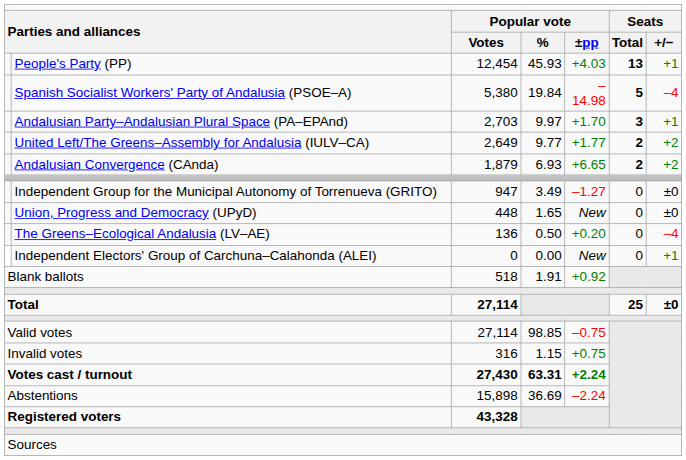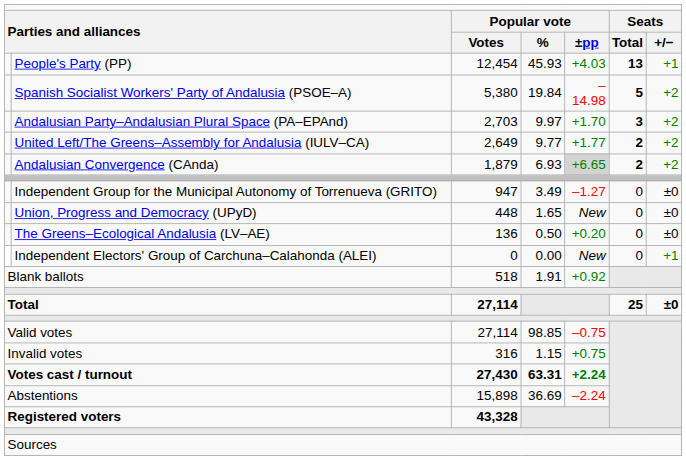 <table class="wikitable" style="text-align:right;">
 <tr>
 <td colspan="7"></td>
 </tr>
 <tr>
 <th style="text-align:left;" rowspan="2" colspan="2" width="525">Parties and alliances</th>
 <th colspan="3">Popular vote</th>
 <th colspan="2">Seats</th>
 </tr>
 <tr>
 <th width="75">Votes</th>
 <th width="45">%</th>
 <th width="45">±<a href='#'>pp</a></th>
 <th width="35">Total</th>
 <th width="35">+/−</th>
 </tr>
 <tr>
 <td width="1" style="color:inherit;background:"></td>
 <td align="left"><a href='#'>People's Party</a> (PP)</td>
 <td>12,454</td>
 <td>45.93</td>
 <td style="color:green;">+4.03</td>
 <td><strong>13</strong></td>
 <td style="color:green;">+1</td>
 </tr>
 <tr>
 <td style="color:inherit;background:"></td>
 <td align="left"><a href='#'>Spanish Socialist Workers' Party of Andalusia</a> (PSOE–A)</td>
 <td>5,380</td>
 <td>19.84</td>
 <td style="color:red;">–14.98</td>
 <td><strong>5</strong></td>
-<td style="color:red;">–4</td>
+<td style="color:green;">+2</td>
 </tr>
 <tr>
 <td style="color:inherit;background:"></td>
 <td align="left"><a href='#'>Andalusian Party–Andalusian Plural Space</a> (PA–EPAnd)</td>
 <td>2,703</td>
 <td>9.97</td>
 <td style="color:green;">+1.70</td>
 <td><strong>3</strong></td>
-<td style="color:green;">+1</td>
+<td style="color:green;">+2</td>
 </tr>
 <tr>
 <td style="color:inherit;background:"></td>
 <td align="left"><a href='#'>United Left/The Greens–Assembly for Andalusia</a> (IULV–CA)</td>
 <td>2,649</td>
 <td>9.77</td>
 <td style="color:green;">+1.77</td>
 <td><strong>2</strong></td>
 <td style="color:green;">+2</td>
 </tr>
 <tr>
 <td style="color:inherit;background:"></td>
 <td align="left"><a href='#'>Andalusian Convergence</a> (CAnda)</td>
 <td>1,879</td>
 <td>6.93</td>
-<td style="color:green;">+6.65</td>
+<td style="background: lightgrey; color:green;">+6.65</td>
 <td><strong>2</strong></td>
 <td style="color:green;">+2</td>
 </tr>
 <tr>
 <td colspan="7" bgcolor="#C0C0C0"></td>
 </tr>
 <tr>
 <td style="color:inherit;background:"></td>
 <td align="left">Independent Group for the Municipal Autonomy of Torrenueva (GRITO)</td>
 <td>947</td>
 <td>3.49</td>
 <td style="color:red;">–1.27</td>
 <td>0</td>
 <td>±0</td>
 </tr>
 <tr>
 <td style="color:inherit;background:"></td>
 <td align="left"><a href='#'>Union, Progress and Democracy</a> (UPyD)</td>
 <td>448</td>
 <td>1.65</td>
 <td><em>New</em></td>
 <td>0</td>
 <td>±0</td>
 </tr>
 <tr>
 <td style="color:inherit;background:"></td>
 <td align="left"><a href='#'>The Greens–Ecological Andalusia</a> (LV–AE)</td>
 <td>136</td>
 <td>0.50</td>
 <td style="color:green;">+0.20</td>
 <td>0</td>
-<td style="color:red;">–4</td>
+<td>±0</td>
 </tr>
 <tr>
 <td bgcolor="white"></td>
 <td align="left">Independent Electors' Group of Carchuna–Calahonda (ALEI)</td>
 <td>0</td>
 <td>0.00</td>
 <td><em>New</em></td>
 <td>0</td>
 <td style="color:green;">+1</td>
 </tr>
 <tr>
 <td align="left" colspan="2">Blank ballots</td>
 <td>518</td>
 <td>1.91</td>
 <td style="color:green;">+0.92</td>
 <td bgcolor="#E9E9E9" colspan="2"></td>
 </tr>
 <tr>
 <td colspan="7" bgcolor="#E9E9E9"></td>
 </tr>
 <tr style="font-weight:bold;">
 <td align="left" colspan="2">Total</td>
 <td>27,114</td>
 <td bgcolor="#E9E9E9" colspan="2"></td>
 <td>25</td>
 <td>±0</td>
 </tr>
 <tr>
 <td colspan="7" bgcolor="#E9E9E9"></td>
 </tr>
 <tr>
 <td align="left" colspan="2">Valid votes</td>
 <td>27,114</td>
 <td>98.85</td>
 <td style="color:red;">–0.75</td>
 <td bgcolor="#E9E9E9" colspan="2" rowspan="5"></td>
 </tr>
 <tr>
 <td align="left" colspan="2">Invalid votes</td>
 <td>316</td>
 <td>1.15</td>
 <td style="color:green;">+0.75</td>
 </tr>
 <tr style="font-weight:bold;">
 <td align="left" colspan="2">Votes cast / turnout</td>
 <td>27,430</td>
 <td>63.31</td>
 <td style="color:green;">+2.24</td>
 </tr>
 <tr>
 <td align="left" colspan="2">Abstentions</td>
 <td>15,898</td>
 <td>36.69</td>
 <td style="color:red;">–2.24</td>
 </tr>
 <tr style="font-weight:bold;">
 <td align="left" colspan="2">Registered voters</td>
 <td>43,328</td>
 <td bgcolor="#E9E9E9" colspan="2"></td>
 </tr>
 <tr>
 <td colspan="7" bgcolor="#E9E9E9"></td>
 </tr>
 <tr>
 <td align="left" colspan="7">Sources</td>
 </tr>
 </table>
